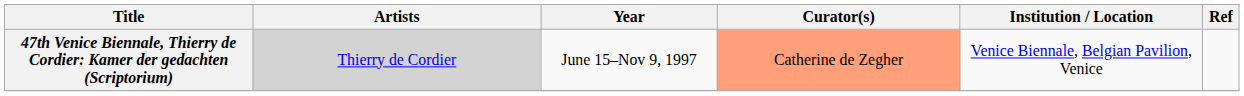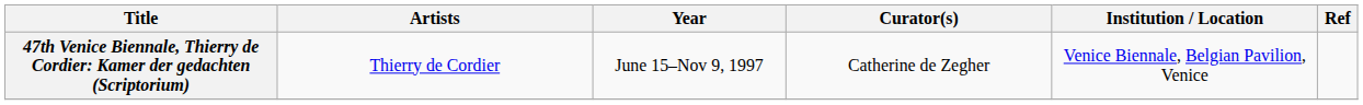 <table class="wikitable plainrowheaders" style="text-align:center;">
 <tr>
 <th scope="col" style="width:20em;">Title</th>
 <th scope="col" style="width:25em;">Artists</th>
 <th scope="col" style="width:15em;">Year</th>
 <th scope="col" style="width:20em;">Curator(s)</th>
 <th scope="col" style="width:20em;">Institution / Location</th>
 <th scope="col" style="width:2em;">Ref</th>
 </tr>
 <tr>
 <th scope="row"><em>47th Venice Biennale,</em> <em>Thierry de Cordier:</em> <em>Kamer der gedachten (Scriptorium)</em></th>
-<td style="background: lightgrey;"><a href='#'>Thierry de Cordier</a></td>
+<td><a href='#'>Thierry de Cordier</a></td>
 <td>June 15–Nov 9, 1997</td>
-<td style="background: lightsalmon;">Catherine de Zegher</td>
+<td>Catherine de Zegher</td>
 <td><a href='#'>Venice Biennale</a>, <a href='#'>Belgian Pavilion</a>, Venice</td>
 <td></td>
 </tr>
 <tr>
 </tr>
 </table>
